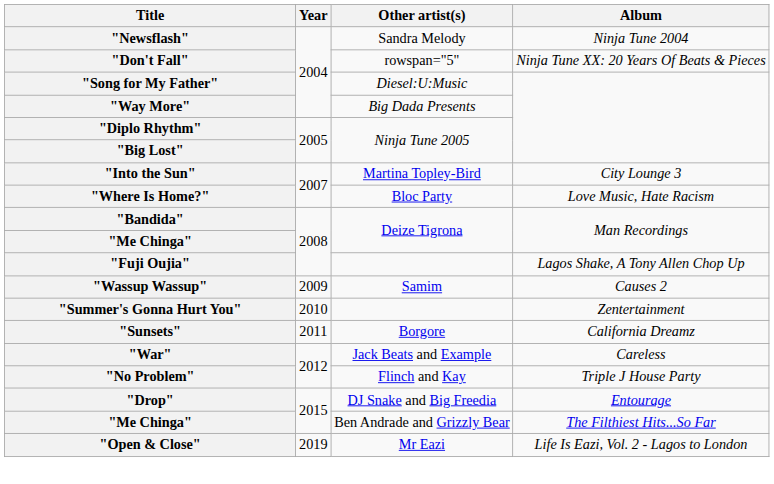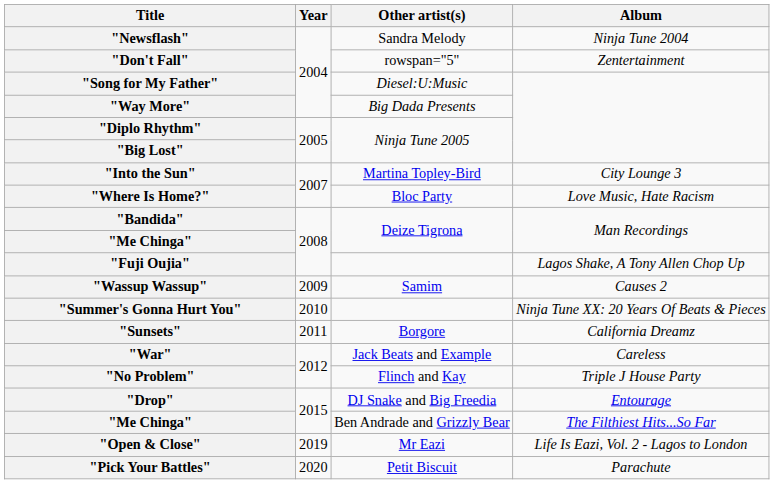 <table class="wikitable plainrowheaders" style="text-align:center;">
 <tr>
 <th scope="col" style="width:20em;">Title</th>
 <th scope="col">Year</th>
 <th scope="col">Other artist(s)</th>
 <th scope="col">Album</th>
 </tr>
 <tr>
 <th scope="row">"Newsflash"</th>
 <td rowspan="4">2004</td>
 <td>Sandra Melody</td>
 <td><em>Ninja Tune 2004</em></td>
 </tr>
 <tr>
 <th scope="row">"Don't Fall"</th>
 <td>rowspan="5" </td>
-<td><em>Ninja Tune XX: 20 Years Of Beats & Pieces</em></td>
+<td><em>Zentertainment</em></td>
 </tr>
 <tr>
 <th scope="row">"Song for My Father"</th>
 <td><em>Diesel:U:Music</em></td>
 </tr>
 <tr>
 <th scope="row">"Way More"</th>
 <td><em>Big Dada Presents</em></td>
 </tr>
 <tr>
 <th scope="row">"Diplo Rhythm"</th>
 <td rowspan="2">2005</td>
 <td rowspan="2"><em>Ninja Tune 2005</em></td>
 </tr>
 <tr>
 <th scope="row">"Big Lost"</th>
 </tr>
 <tr>
 <th scope="row">"Into the Sun"</th>
 <td rowspan="2">2007</td>
 <td><a href='#'>Martina Topley-Bird</a></td>
 <td><em>City Lounge 3</em></td>
 </tr>
 <tr>
 <th scope="row">"Where Is Home?"</th>
 <td><a href='#'>Bloc Party</a></td>
 <td><em>Love Music, Hate Racism</em></td>
 </tr>
 <tr>
 <th scope="row">"Bandida"</th>
 <td rowspan="3">2008</td>
 <td rowspan="2"><a href='#'>Deize Tigrona</a></td>
 <td rowspan="2"><em>Man Recordings</em></td>
 </tr>
 <tr>
 <th scope="row">"Me Chinga"</th>
 </tr>
 <tr>
 <th scope="row">"Fuji Oujia"</th>
 <td></td>
 <td><em>Lagos Shake, A Tony Allen Chop Up</em></td>
 </tr>
 <tr>
 <th scope="row">"Wassup Wassup"</th>
 <td>2009</td>
 <td><a href='#'>Samim</a></td>
 <td><em>Causes 2</em></td>
 </tr>
 <tr>
 <th scope="row">"Summer's Gonna Hurt You"</th>
 <td>2010</td>
 <td></td>
-<td><em>Zentertainment</em></td>
+<td><em>Ninja Tune XX: 20 Years Of Beats & Pieces</em></td>
 </tr>
 <tr>
 <th scope="row">"Sunsets"</th>
 <td>2011</td>
 <td><a href='#'>Borgore</a></td>
 <td><em>California Dreamz</em></td>
 </tr>
 <tr>
 <th scope="row">"War"</th>
 <td rowspan="2">2012</td>
 <td><a href='#'>Jack Beats</a> and <a href='#'>Example</a></td>
 <td><em>Careless</em></td>
 </tr>
 <tr>
 <th scope="row">"No Problem"</th>
 <td><a href='#'>Flinch</a> and <a href='#'>Kay</a></td>
 <td><em>Triple J House Party</em></td>
 </tr>
 <tr>
 <th scope="row">"Drop"</th>
 <td rowspan="2">2015</td>
 <td><a href='#'>DJ Snake</a> and <a href='#'>Big Freedia</a></td>
 <td><em><a href='#'>Entourage</a></em></td>
 </tr>
 <tr>
 <th scope="row">"Me Chinga"</th>
 <td>Ben Andrade and <a href='#'>Grizzly Bear</a></td>
 <td><em><a href='#'>The Filthiest Hits...So Far</a></em></td>
 </tr>
 <tr>
 <th scope="row">"Open & Close"</th>
 <td>2019</td>
 <td><a href='#'>Mr Eazi</a></td>
 <td><em>Life Is Eazi, Vol. 2 - Lagos to London</em></td>
 </tr>
+<tr>
+<th scope="row">"Pick Your Battles"</th>
+<td>2020</td>
+<td><a href='#'>Petit Biscuit</a></td>
+<td><em>Parachute</em></td>
+</tr>
 </table>
